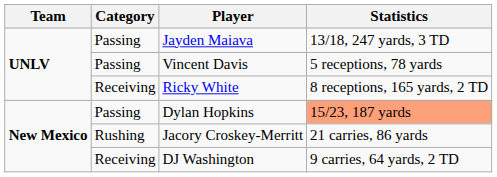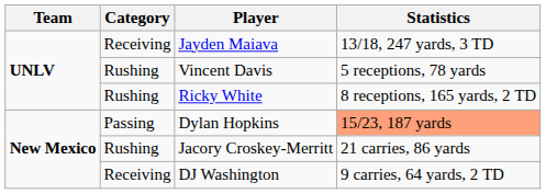 <table class="wikitable" style="float: right;">
 <tr>
 <th>Team</th>
 <th>Category</th>
 <th>Player</th>
 <th>Statistics</th>
 </tr>
 <tr>
 <td rowspan=3><strong>UNLV</strong></td>
-<td>Passing</td>
+<td>Receiving</td>
 <td><a href='#'>Jayden Maiava</a></td>
 <td>13/18, 247 yards, 3 TD</td>
 </tr>
 <tr>
-<td>Passing</td>
+<td>Rushing</td>
 <td>Vincent Davis</td>
 <td>5 receptions, 78 yards</td>
 </tr>
 <tr>
-<td>Receiving</td>
+<td>Rushing</td>
 <td><a href='#'>Ricky White</a></td>
 <td>8 receptions, 165 yards, 2 TD</td>
 </tr>
 <tr>
 <td rowspan=3><strong>New Mexico</strong></td>
 <td>Passing</td>
 <td>Dylan Hopkins</td>
 <td style="background: lightsalmon;">15/23, 187 yards</td>
 </tr>
 <tr>
 <td>Rushing</td>
 <td>Jacory Croskey-Merritt</td>
 <td>21 carries, 86 yards</td>
 </tr>
 <tr>
 <td>Receiving</td>
 <td>DJ Washington</td>
 <td>9 carries, 64 yards, 2 TD</td>
 </tr>
 </table>
